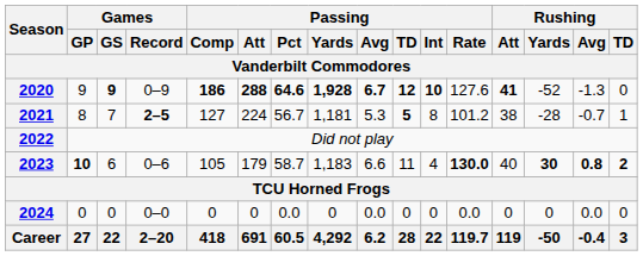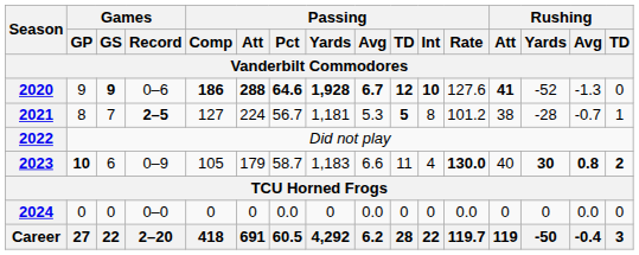 <table class="wikitable" style="text-align:center;">
 <tr>
 <th rowspan="2">Season</th>
 <th colspan="3">Games</th>
 <th colspan="8">Passing</th>
 <th colspan="5">Rushing</th>
 </tr>
 <tr>
 <th>GP</th>
 <th>GS</th>
 <th>Record</th>
 <th>Comp</th>
 <th>Att</th>
 <th>Pct</th>
 <th>Yards</th>
 <th>Avg</th>
 <th>TD</th>
 <th>Int</th>
 <th>Rate</th>
 <th>Att</th>
 <th>Yards</th>
 <th>Avg</th>
 <th>TD</th>
 </tr>
 <tr>
 <th colspan="16">Vanderbilt Commodores</th>
 </tr>
 <tr>
 <th><a href='#'>2020</a></th>
 <td>9</td>
 <td><strong>9</strong></td>
-<td>0–9</td>
+<td>0–6</td>
 <td><strong>186</strong></td>
 <td><strong>288</strong></td>
 <td><strong>64.6</strong></td>
 <td><strong>1,928</strong></td>
 <td><strong>6.7</strong></td>
 <td><strong>12</strong></td>
 <td><strong>10</strong></td>
 <td>127.6</td>
 <td><strong>41</strong></td>
 <td>-52</td>
 <td>-1.3</td>
 <td>0</td>
 </tr>
 <tr>
 <th><a href='#'>2021</a></th>
 <td>8</td>
 <td>7</td>
 <td><strong>2–5</strong></td>
 <td>127</td>
 <td>224</td>
 <td>56.7</td>
 <td>1,181</td>
 <td>5.3</td>
 <td><strong>5</strong></td>
 <td>8</td>
 <td>101.2</td>
 <td>38</td>
 <td>-28</td>
 <td>-0.7</td>
 <td>1</td>
 </tr>
 <tr>
 <th><a href='#'>2022</a></th>
 <td colspan="15"><em>Did not play</em></td>
 </tr>
 <tr>
 <th><a href='#'>2023</a></th>
 <td><strong>10</strong></td>
 <td>6</td>
-<td>0–6</td>
+<td>0–9</td>
 <td>105</td>
 <td>179</td>
 <td>58.7</td>
 <td>1,183</td>
 <td>6.6</td>
 <td>11</td>
 <td>4</td>
 <td><strong>130.0</strong></td>
 <td>40</td>
 <td><strong>30</strong></td>
 <td><strong>0.8</strong></td>
 <td><strong>2</strong></td>
 </tr>
 <tr>
 <th colspan="16">TCU Horned Frogs</th>
 </tr>
 <tr>
 <th><a href='#'>2024</a></th>
 <td>0</td>
 <td>0</td>
 <td>0–0</td>
 <td>0</td>
 <td>0</td>
 <td>0.0</td>
 <td>0</td>
 <td>0.0</td>
 <td>0</td>
 <td>0</td>
 <td>0.0</td>
 <td>0</td>
 <td>0</td>
 <td>0.0</td>
 <td>0</td>
 </tr>
 <tr>
 <th>Career</th>
 <th>27</th>
 <th>22</th>
 <th>2–20</th>
 <th>418</th>
 <th>691</th>
 <th>60.5</th>
 <th>4,292</th>
 <th>6.2</th>
 <th>28</th>
 <th>22</th>
 <th>119.7</th>
 <th>119</th>
 <th>-50</th>
 <th>-0.4</th>
 <th>3</th>
 </tr>
 </table>
